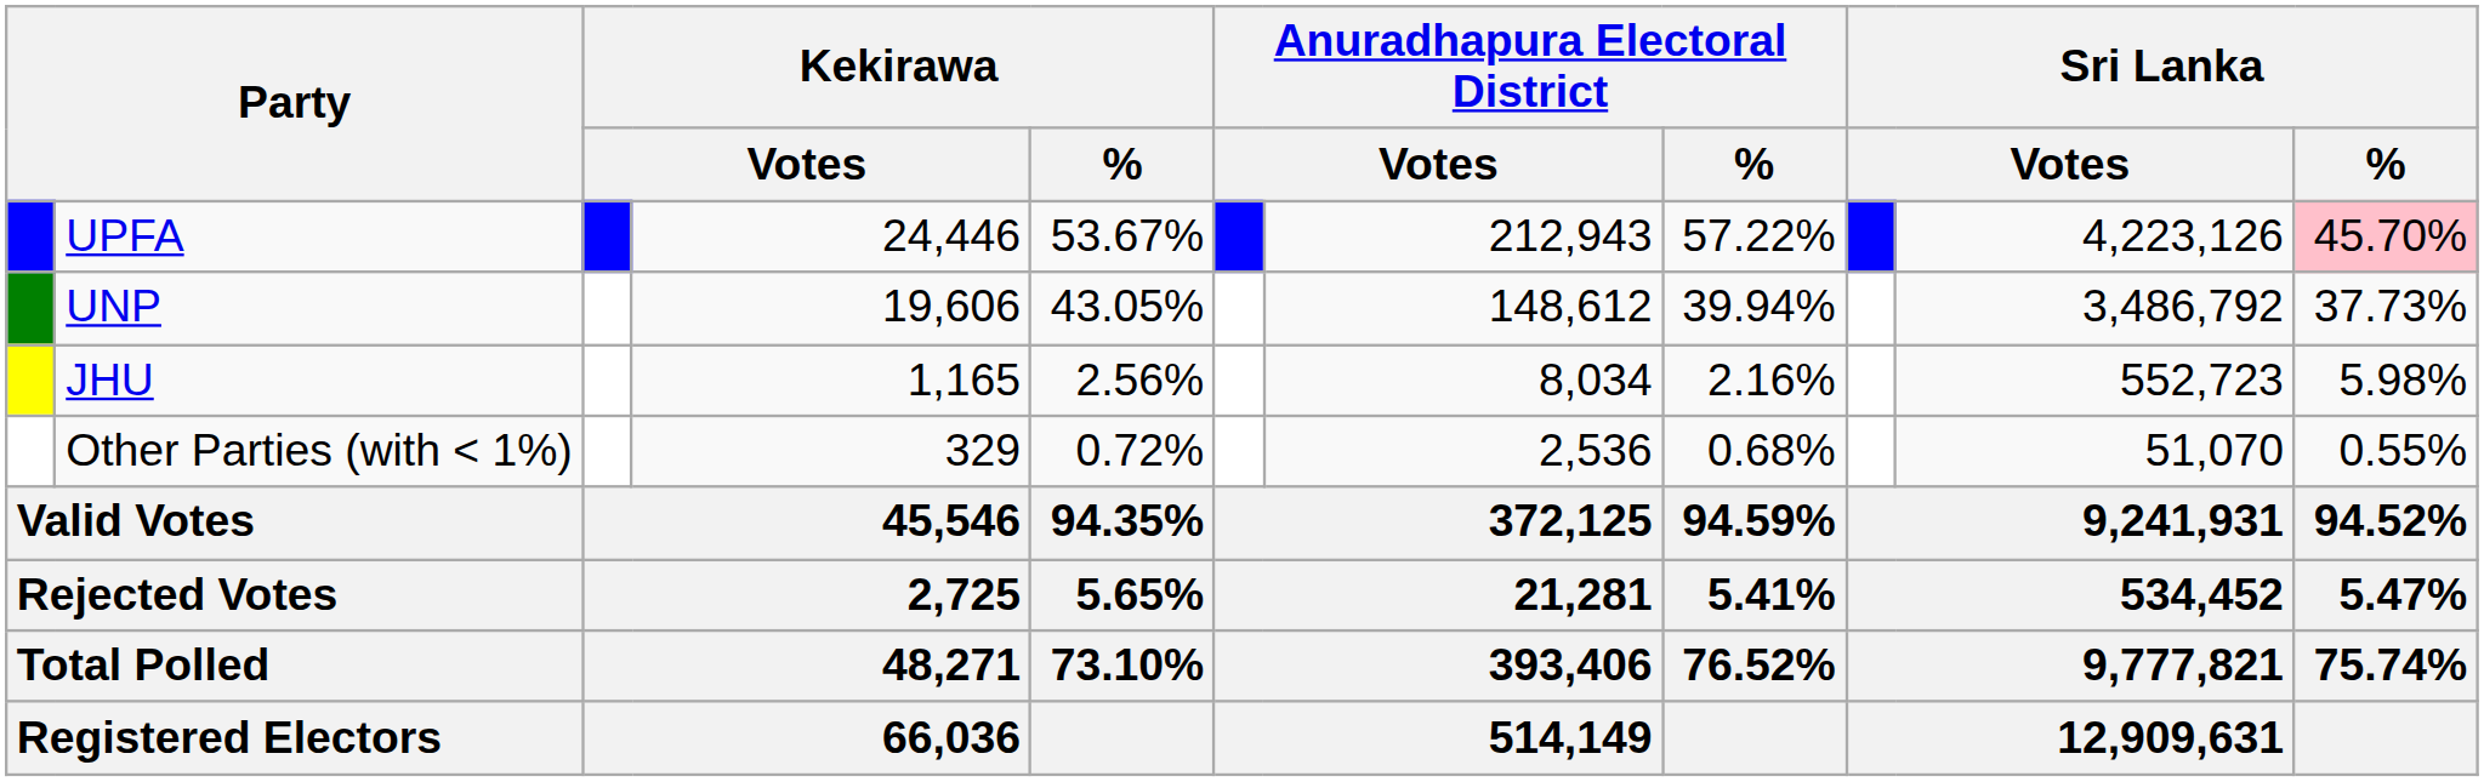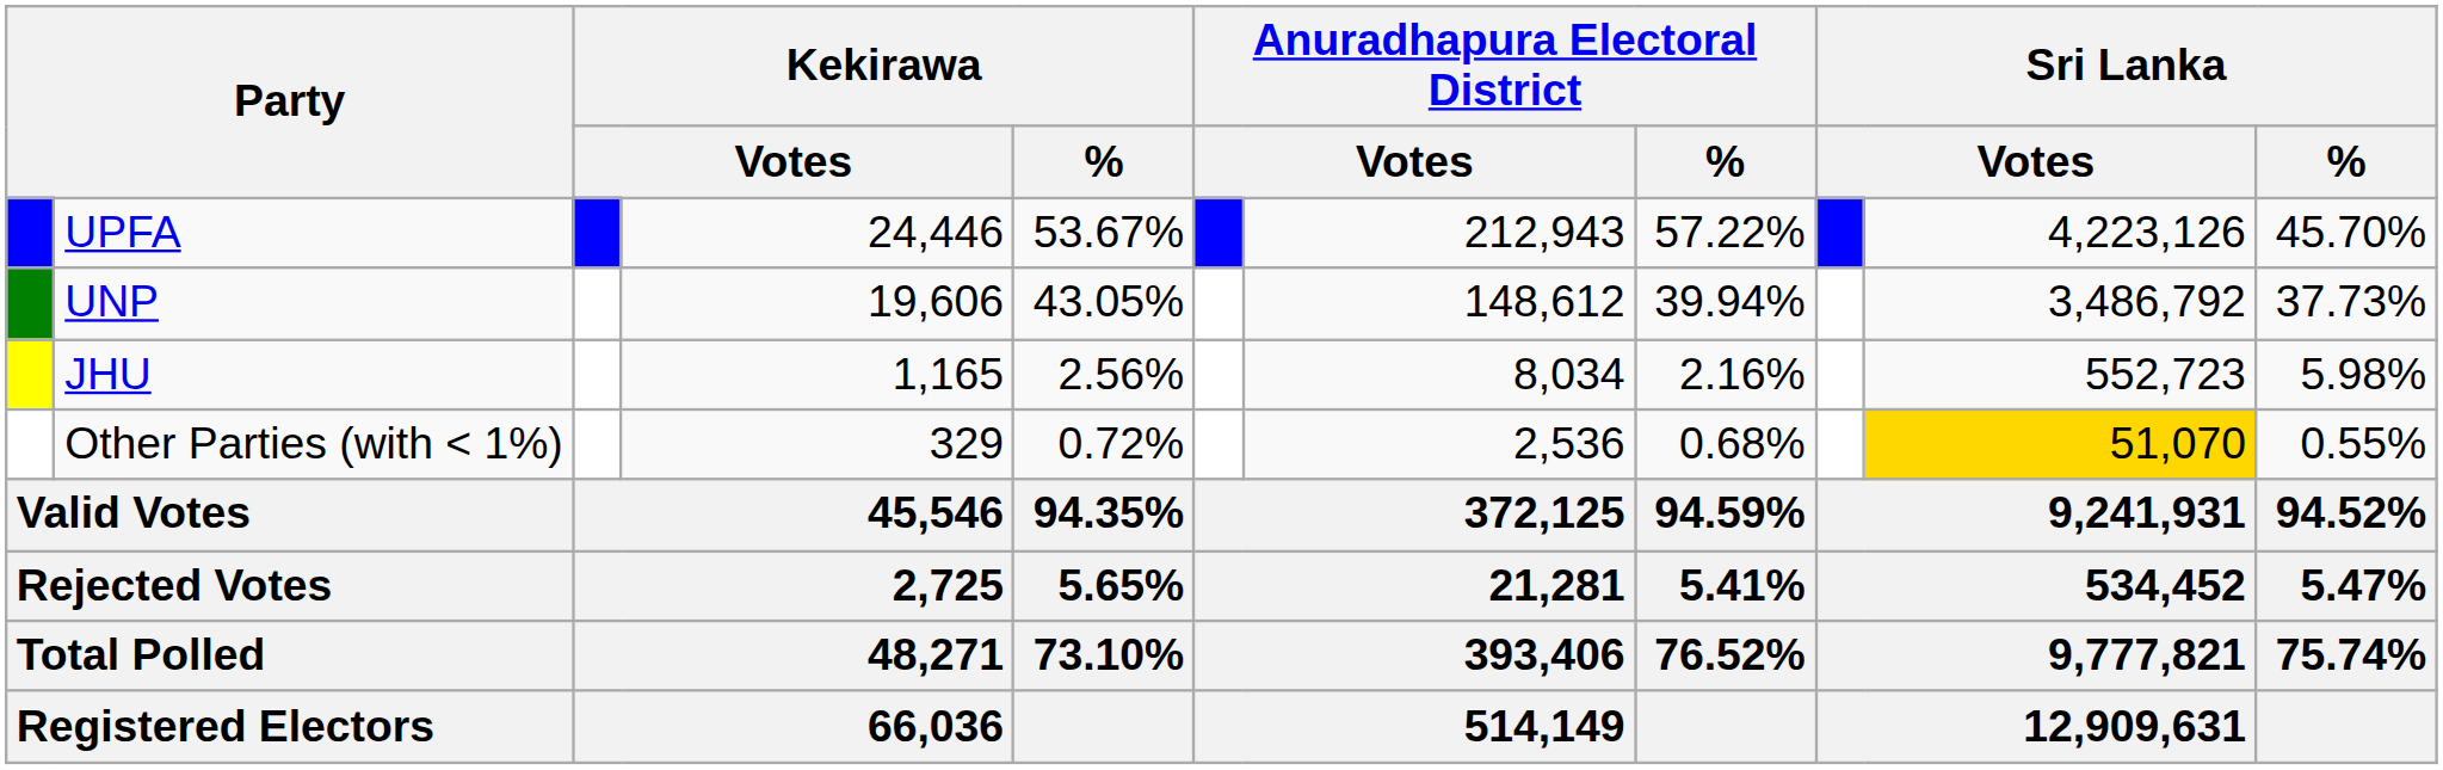 <table class="wikitable">
 <tr>
 <th colspan="2" width="144px"rowspan="2">Party</th>
 <th colspan="3" width="216px">Kekirawa</th>
 <th colspan="3" width="216px"><a href='#'>Anuradhapura Electoral District</a></th>
 <th colspan="3" width="216px">Sri Lanka</th>
 </tr>
 <tr>
 <th colspan="2" width="144px">Votes</th>
 <th>%</th>
 <th colspan="2" width="144px">Votes</th>
 <th>%</th>
 <th colspan="2" width="144px">Votes</th>
 <th>%</th>
 </tr>
 <tr>
 <td style="background-color:blue;" width="10px"></td>
 <td style="text-align:left;"><a href='#'>UPFA</a></td>
 <td style="background-color:blue;" width="10px"></td>
 <td style="text-align:right;">24,446</td>
 <td style="text-align:right;">53.67%</td>
 <td style="background-color:blue;" width="10px"></td>
 <td style="text-align:right;">212,943</td>
 <td style="text-align:right;">57.22%</td>
 <td style="background-color:blue;" width="10px"></td>
 <td style="text-align:right;">4,223,126</td>
-<td style="background: pink; text-align:right;">45.70%</td>
+<td style="text-align:right;">45.70%</td>
 </tr>
 <tr>
 <td style="background-color:green;" width="10px"></td>
 <td style="text-align:left;"><a href='#'>UNP</a></td>
 <td style="background-color:white;" width="10px"></td>
 <td style="text-align:right;">19,606</td>
 <td style="text-align:right;">43.05%</td>
 <td style="background-color:white;" width="10px"></td>
 <td style="text-align:right;">148,612</td>
 <td style="text-align:right;">39.94%</td>
 <td style="background-color:white;" width="10px"></td>
 <td style="text-align:right;">3,486,792</td>
 <td style="text-align:right;">37.73%</td>
 </tr>
 <tr>
 <td style="background-color:yellow;" width="10px"></td>
 <td style="text-align:left;"><a href='#'>JHU</a></td>
 <td style="background-color:white;" width="10px"></td>
 <td style="text-align:right;">1,165</td>
 <td style="text-align:right;">2.56%</td>
 <td style="background-color:white;" width="10px"></td>
 <td style="text-align:right;">8,034</td>
 <td style="text-align:right;">2.16%</td>
 <td style="background-color:white;" width="10px"></td>
 <td style="text-align:right;">552,723</td>
 <td style="text-align:right;">5.98%</td>
 </tr>
 <tr>
 <td style="background-color:white;" width="10px"></td>
 <td style="text-align:left;">Other Parties (with < 1%)</td>
 <td style="background-color:white;" width="10px"></td>
 <td style="text-align:right;">329</td>
 <td style="text-align:right;">0.72%</td>
 <td style="background-color:white;" width="10px"></td>
 <td style="text-align:right;">2,536</td>
 <td style="text-align:right;">0.68%</td>
 <td style="background-color:white;" width="10px"></td>
-<td style="text-align:right;">51,070</td>
+<td style="background: gold; text-align:right;">51,070</td>
 <td style="text-align:right;">0.55%</td>
 </tr>
 <tr>
 <th colspan="2" width="144px"style="text-align:left;">Valid Votes</th>
 <th style="text-align:right;"colspan="2" width="144px">45,546</th>
 <th style="text-align:right;">94.35%</th>
 <th style="text-align:right;"colspan="2" width="144px">372,125</th>
 <th style="text-align:right;">94.59%</th>
 <th style="text-align:right;"colspan="2" width="144px">9,241,931</th>
 <th style="text-align:right;">94.52%</th>
 </tr>
 <tr>
 <th colspan="2" width="144px"style="text-align:left;">Rejected Votes</th>
 <th style="text-align:right;"colspan="2" width="144px">2,725</th>
 <th style="text-align:right;">5.65%</th>
 <th style="text-align:right;"colspan="2" width="144px">21,281</th>
 <th style="text-align:right;">5.41%</th>
 <th style="text-align:right;"colspan="2" width="144px">534,452</th>
 <th style="text-align:right;">5.47%</th>
 </tr>
 <tr>
 <th colspan="2" width="144px"style="text-align:left;">Total Polled</th>
 <th style="text-align:right;"colspan="2" width="144px">48,271</th>
 <th style="text-align:right;">73.10%</th>
 <th style="text-align:right;"colspan="2" width="144px">393,406</th>
 <th style="text-align:right;">76.52%</th>
 <th style="text-align:right;"colspan="2" width="144px">9,777,821</th>
 <th style="text-align:right;">75.74%</th>
 </tr>
 <tr>
 <th colspan="2" width="144px"style="text-align:left;">Registered Electors</th>
 <th style="text-align:right;"colspan="2" width="144px">66,036</th>
 <th></th>
 <th style="text-align:right;"colspan="2" width="144px">514,149</th>
 <th></th>
 <th style="text-align:right;"colspan="2" width="144px">12,909,631</th>
 <th></th>
 </tr>
 </table>
